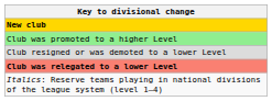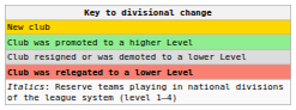 <table class="wikitable" width=30% style="font-size:90%">
 <tr>
 <th width=100%>Key to divisional change</th>
 </tr>
 <tr>
-<td style="background:gold"><strong>New club</strong></td>
+<td style="background:gold">New club</td>
 </tr>
 <tr>
 <td style="background:lightgreen">Club was promoted to a higher Level</td>
 </tr>
 <tr>
 <td style="background:gainsboro">Club resigned or was demoted to a lower Level</td>
 </tr>
 <tr>
 <td style="background:salmon"><strong>Club was relegated to a lower Level</strong></td>
 </tr>
 <tr>
 <td><em>Italics</em>: Reserve teams playing in national divisions of the league system (level 1–4)</td>
 </tr>
 </table>
